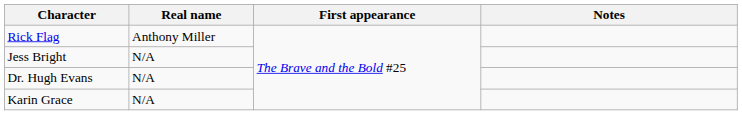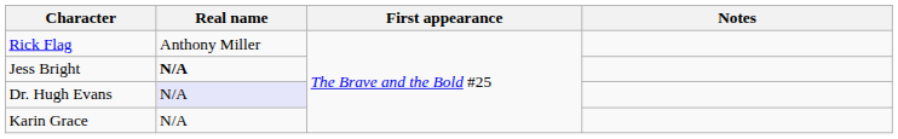 <table class="wikitable" width=100%>
 <tr>
 <th width=17%>Character</th>
 <th width=17%>Real name</th>
 <th width=31%>First appearance</th>
 <th width=35%>Notes</th>
 </tr>
 <tr>
 <td><a href='#'>Rick Flag</a></td>
 <td>Anthony Miller</td>
 <td rowspan=4><em><a href='#'>The Brave and the Bold</a></em> #25</td>
 <td></td>
 </tr>
 <tr>
 <td>Jess Bright</td>
-<td>N/A</td>
+<td><strong>N/A</strong></td>
 <td></td>
 </tr>
 <tr>
 <td>Dr. Hugh Evans</td>
-<td>N/A</td>
+<td style="background: lavender;">N/A</td>
 <td></td>
 </tr>
 <tr>
 <td>Karin Grace</td>
 <td>N/A</td>
 <td></td>
 </tr>
 </table>
